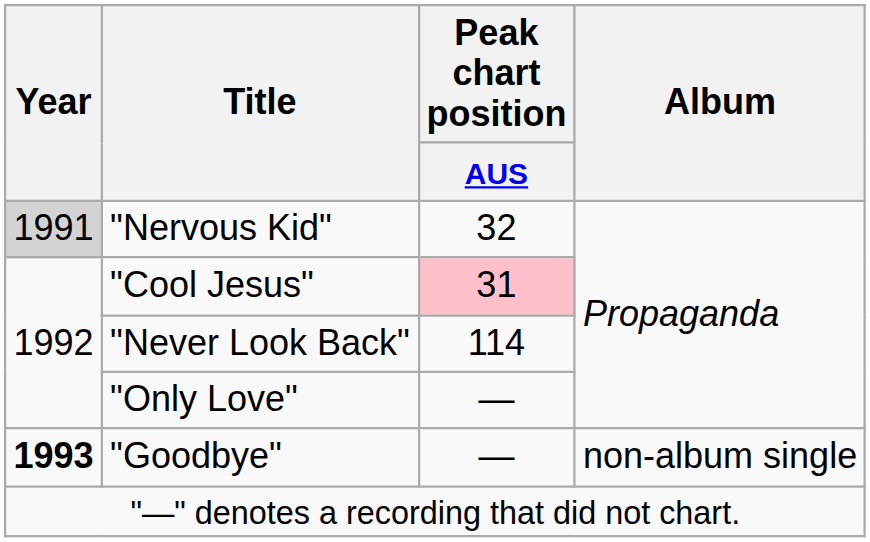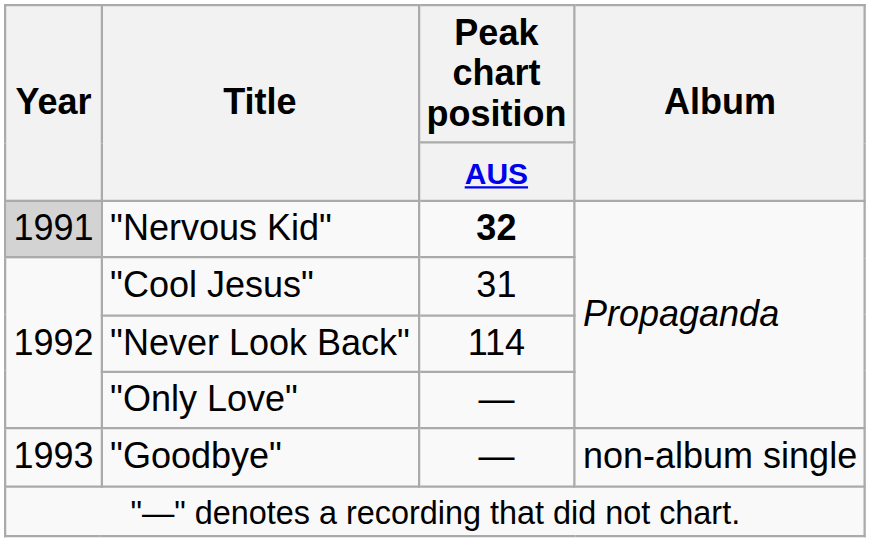 <table class="wikitable plainrowheaders">
 <tr>
 <th rowspan="2" width="1em">Year</th>
 <th rowspan="2">Title</th>
 <th colspan="1">Peak chart<br>position</th>
 <th rowspan="2">Album</th>
 </tr>
 <tr>
 <th width="35"><small><a href='#'>AUS</a></small><br></th>
 </tr>
 <tr>
 <td style="background: lightgrey;">1991</td>
 <td>"Nervous Kid"</td>
-<td align="center">32</td>
+<td align="center"><strong>32</strong></td>
 <td rowspan=4><em>Propaganda</em></td>
 </tr>
 <tr>
 <td rowspan=3>1992</td>
 <td>"Cool Jesus"</td>
-<td align="center" style="background: pink;">31</td>
+<td align="center">31</td>
 </tr>
 <tr>
 <td>"Never Look Back"</td>
 <td align="center">114</td>
 </tr>
 <tr>
 <td>"Only Love"</td>
 <td align="center">—</td>
 </tr>
 <tr>
-<td><strong>1993</strong></td>
+<td>1993</td>
 <td>"Goodbye"</td>
 <td align="center">—</td>
 <td>non-album single</td>
 </tr>
 <tr>
 <td colspan="15" style="font-size:90%" align="center">"—" denotes a recording that did not chart.</td>
 </tr>
 </table>
